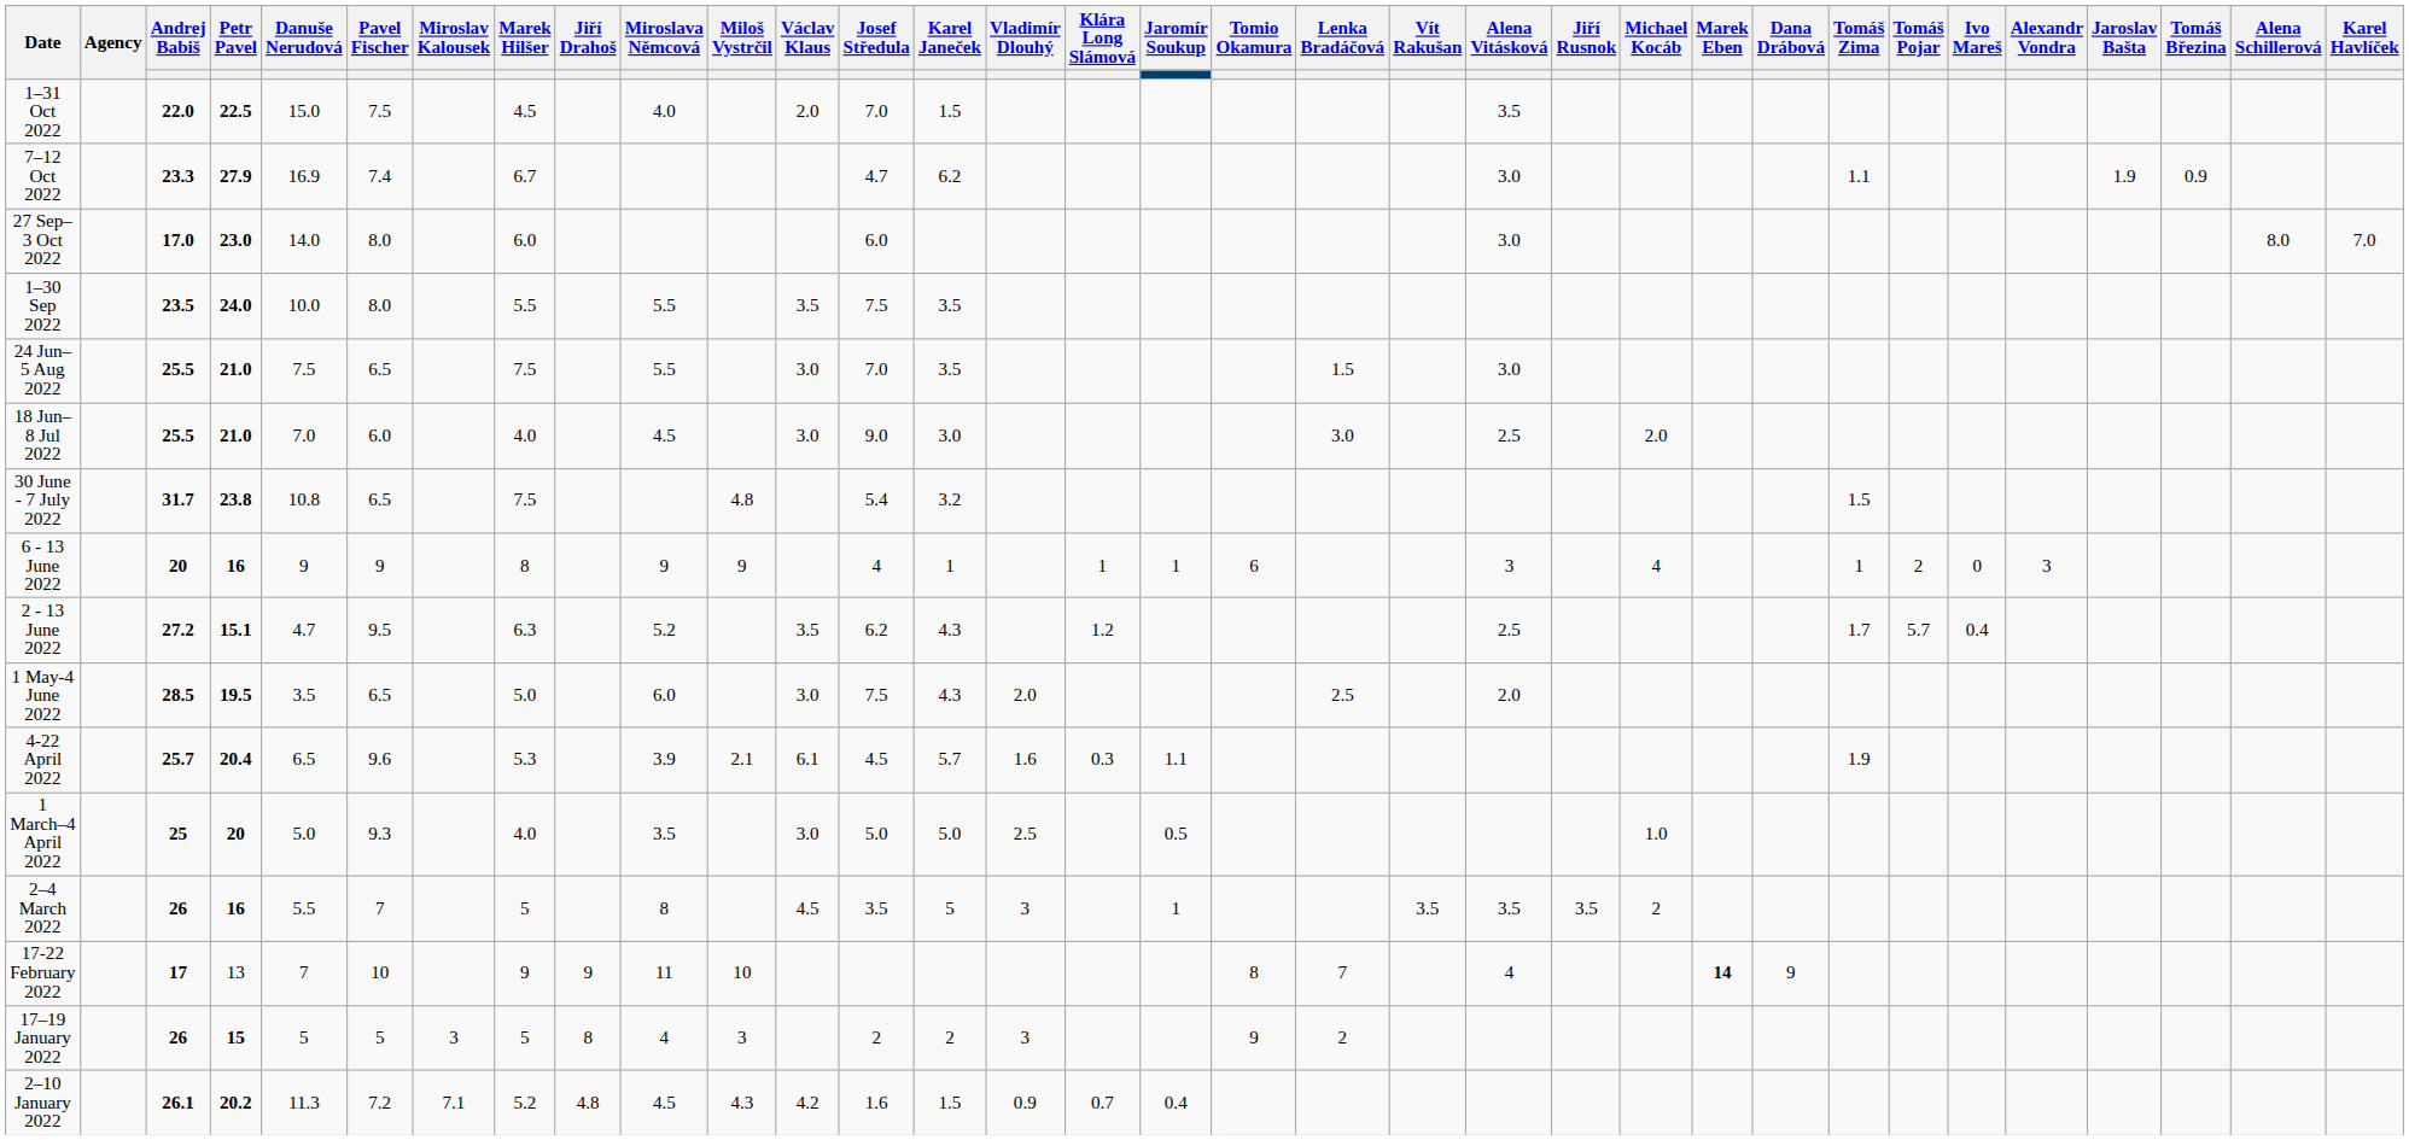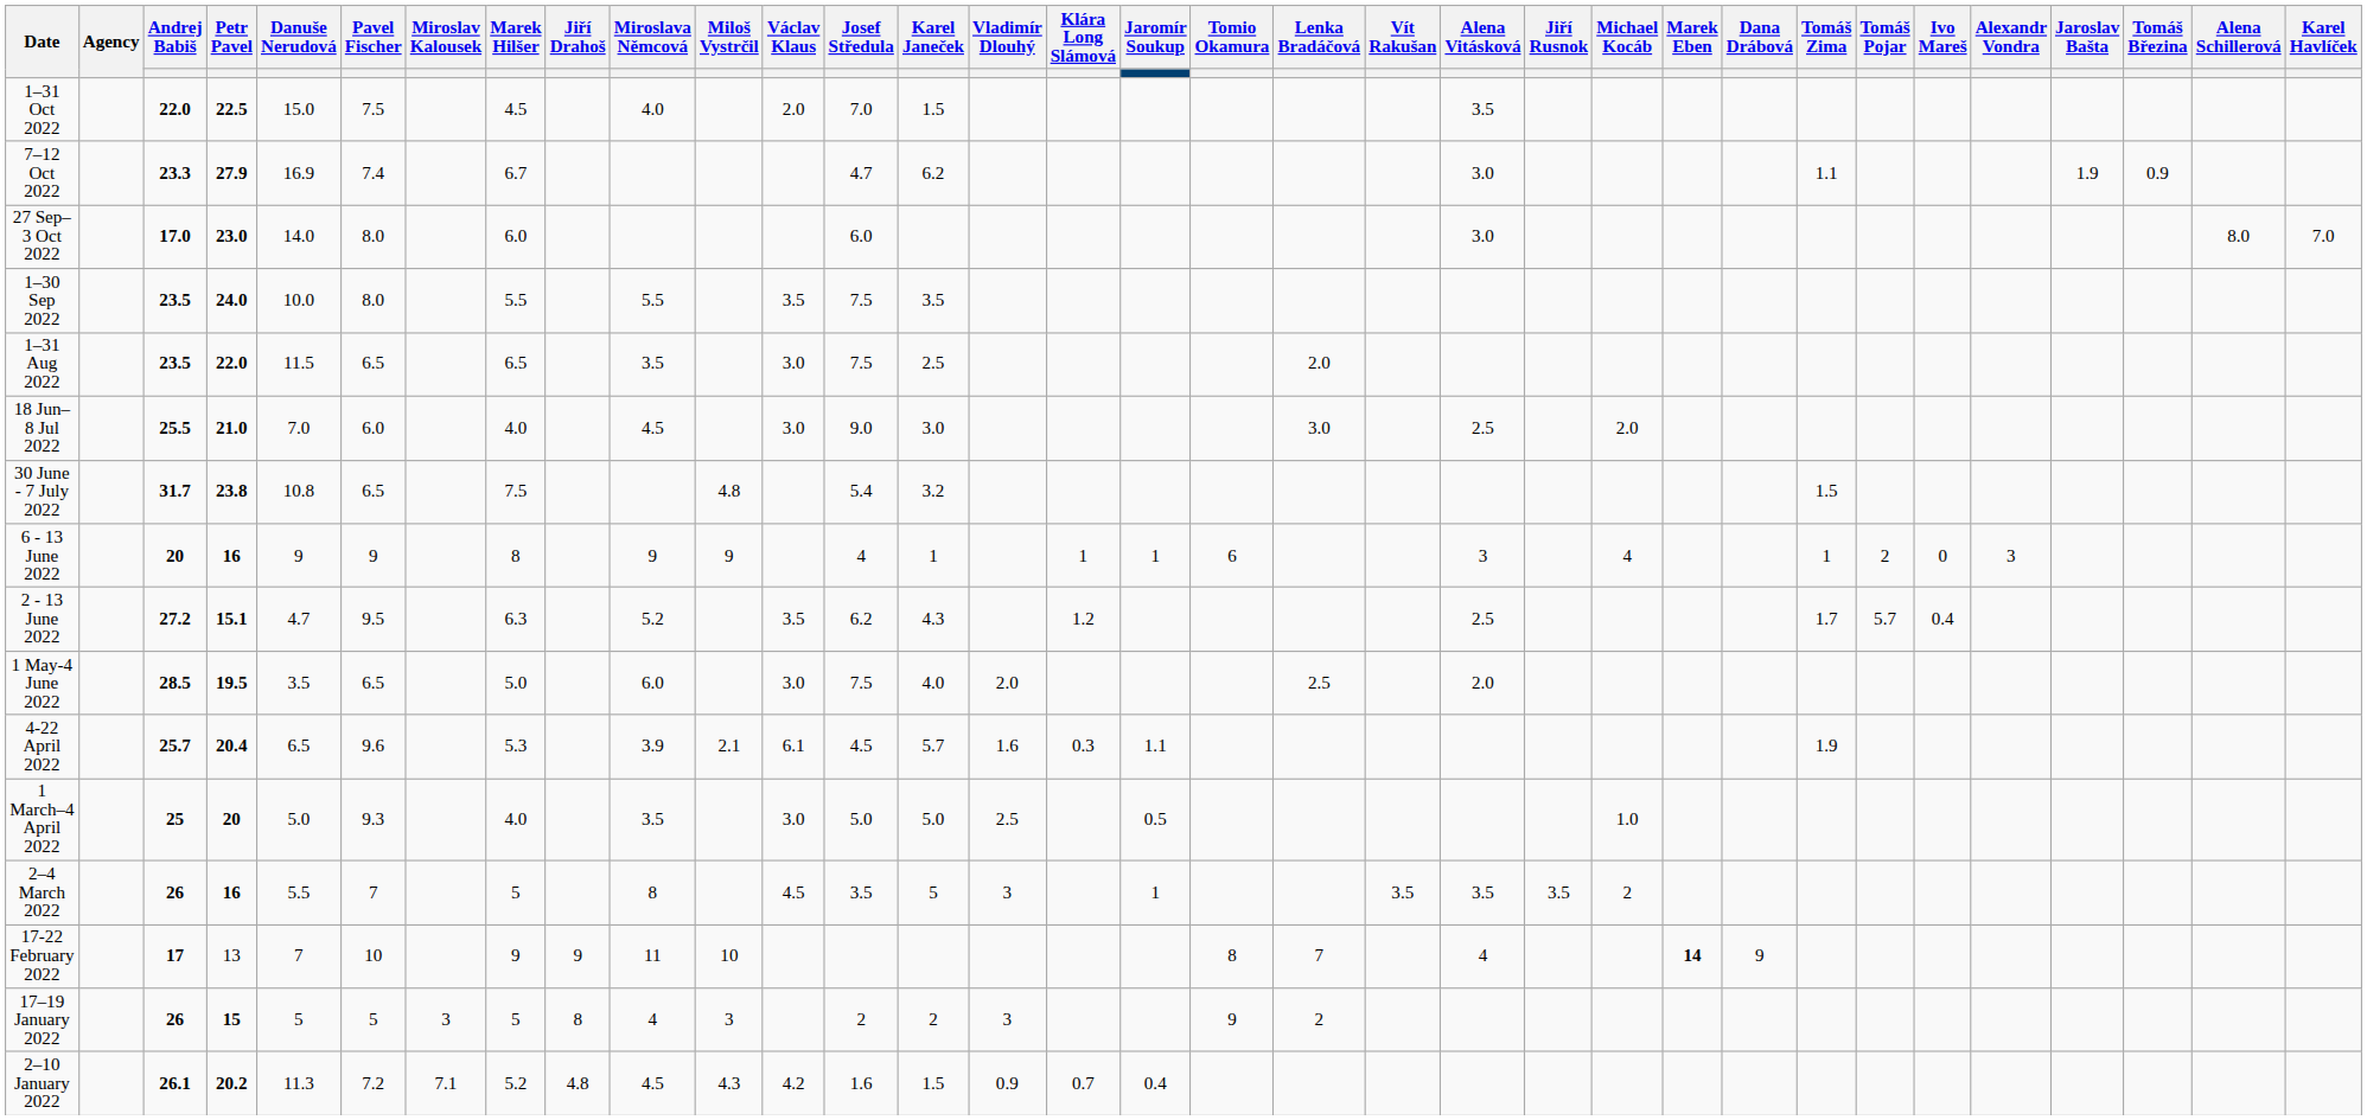 <table class="wikitable" style=text-align:center;font-size:85%;line-height:14px;">
 <tr>
 <th rowspan="2">Date</th>
 <th rowspan="2">Agency</th>
 <th><a href='#'>Andrej Babiš</a></th>
 <th><a href='#'>Petr Pavel</a></th>
 <th><a href='#'>Danuše Nerudová</a></th>
 <th><a href='#'>Pavel Fischer</a></th>
 <th><a href='#'>Miroslav Kalousek</a></th>
 <th><a href='#'>Marek Hilšer</a></th>
 <th><a href='#'>Jiří Drahoš</a></th>
 <th><a href='#'>Miroslava Němcová</a></th>
 <th><a href='#'>Miloš Vystrčil</a></th>
 <th><a href='#'>Václav Klaus</a></th>
 <th><a href='#'>Josef Středula</a></th>
 <th><a href='#'>Karel Janeček</a></th>
 <th><a href='#'>Vladimír Dlouhý</a></th>
 <th><a href='#'>Klára Long Slámová</a></th>
 <th><a href='#'>Jaromír Soukup</a></th>
 <th><a href='#'>Tomio Okamura</a></th>
 <th><a href='#'>Lenka Bradáčová</a></th>
 <th><a href='#'>Vít Rakušan</a></th>
 <th><a href='#'>Alena Vitásková</a></th>
 <th><a href='#'>Jiří Rusnok</a></th>
 <th><a href='#'>Michael Kocáb</a></th>
 <th><a href='#'>Marek Eben</a></th>
 <th><a href='#'>Dana Drábová</a></th>
 <th><a href='#'>Tomáš Zima</a></th>
 <th><a href='#'>Tomáš Pojar</a></th>
 <th><a href='#'>Ivo Mareš</a></th>
 <th><a href='#'>Alexandr Vondra</a></th>
 <th><a href='#'>Jaroslav Bašta</a></th>
 <th><a href='#'>Tomáš Březina</a></th>
 <th><a href='#'>Alena Schillerová</a></th>
 <th><a href='#'>Karel Havlíček</a></th>
 </tr>
 <tr>
 <th style="background:"></th>
 <th style="background:"></th>
 <th style="background:"></th>
 <th style="background:"></th>
 <th style="background:"></th>
 <th style="background:"></th>
 <th style="background:"></th>
 <th style="background:"></th>
 <th style="background:"></th>
 <th style="background:"></th>
 <th style="background:"></th>
 <th style="background:"></th>
 <th style="background:"></th>
 <th style="background:"></th>
 <th style="background:#004071; width:40px;"></th>
 <th style="background:"></th>
 <th style="background:"></th>
 <th style="background:"></th>
 <th style="background:"></th>
 <th style="background:"></th>
 <th style="background:"></th>
 <th style="background:"></th>
 <th style="background:"></th>
 <th style="background:"></th>
 <th style="background:"></th>
 <th style="background:"></th>
 <th style="background:"></th>
 <th style="background:"></th>
 <th style="background:"></th>
 <th style="background:"></th>
 <th style="background:"></th>
 </tr>
 <tr>
 <td>1–31 Oct 2022</td>
 <td></td>
 <td><strong>22.0</strong></td>
 <td><strong>22.5</strong></td>
 <td>15.0</td>
 <td>7.5</td>
 <td></td>
 <td>4.5</td>
 <td></td>
 <td>4.0</td>
 <td></td>
 <td>2.0</td>
 <td>7.0</td>
 <td>1.5</td>
 <td></td>
 <td></td>
 <td></td>
 <td></td>
 <td></td>
 <td></td>
 <td>3.5</td>
 <td></td>
 <td></td>
 <td></td>
 <td></td>
 <td></td>
 <td></td>
 <td></td>
 <td></td>
 <td></td>
 <td></td>
 <td></td>
 <td></td>
 </tr>
 <tr>
 <td>7–12 Oct 2022</td>
 <td></td>
 <td><strong>23.3</strong></td>
 <td><strong>27.9</strong></td>
 <td>16.9</td>
 <td>7.4</td>
 <td></td>
 <td>6.7</td>
 <td></td>
 <td></td>
 <td></td>
 <td></td>
 <td>4.7</td>
 <td>6.2</td>
 <td></td>
 <td></td>
 <td></td>
 <td></td>
 <td></td>
 <td></td>
 <td>3.0</td>
 <td></td>
 <td></td>
 <td></td>
 <td></td>
 <td>1.1</td>
 <td></td>
 <td></td>
 <td></td>
 <td>1.9</td>
 <td>0.9</td>
 <td></td>
 <td></td>
 </tr>
 <tr>
 <td>27 Sep–3 Oct 2022</td>
 <td></td>
 <td><strong>17.0</strong></td>
 <td><strong>23.0</strong></td>
 <td>14.0</td>
 <td>8.0</td>
 <td></td>
 <td>6.0</td>
 <td></td>
 <td></td>
 <td></td>
 <td></td>
 <td>6.0</td>
 <td></td>
 <td></td>
 <td></td>
 <td></td>
 <td></td>
 <td></td>
 <td></td>
 <td>3.0</td>
 <td></td>
 <td></td>
 <td></td>
 <td></td>
 <td></td>
 <td></td>
 <td></td>
 <td></td>
 <td></td>
 <td></td>
 <td>8.0</td>
 <td>7.0</td>
 </tr>
 <tr>
 <td>1–30 Sep 2022</td>
 <td></td>
 <td><strong>23.5</strong></td>
 <td><strong>24.0</strong></td>
 <td>10.0</td>
 <td>8.0</td>
 <td></td>
 <td>5.5</td>
 <td></td>
 <td>5.5</td>
 <td></td>
 <td>3.5</td>
 <td>7.5</td>
 <td>3.5</td>
 <td></td>
 <td></td>
 <td></td>
 <td></td>
 <td></td>
 <td></td>
 <td></td>
 <td></td>
 <td></td>
 <td></td>
 <td></td>
 <td></td>
 <td></td>
 <td></td>
 <td></td>
 <td></td>
 <td></td>
 <td></td>
 <td></td>
 </tr>
 <tr>
-<td>24 Jun–5 Aug 2022</td>
+<td>1–31 Aug 2022</td>
 <td></td>
-<td><strong>25.5</strong></td>
-<td><strong>21.0</strong></td>
-<td>7.5</td>
+<td><strong>23.5</strong></td>
+<td><strong>22.0</strong></td>
+<td>11.5</td>
 <td>6.5</td>
 <td></td>
-<td>7.5</td>
+<td>6.5</td>
 <td></td>
-<td>5.5</td>
+<td>3.5</td>
 <td></td>
 <td>3.0</td>
-<td>7.0</td>
-<td>3.5</td>
+<td>7.5</td>
+<td>2.5</td>
 <td></td>
 <td></td>
 <td></td>
 <td></td>
-<td>1.5</td>
+<td>2.0</td>
 <td></td>
-<td>3.0</td>
+<td></td>
 <td></td>
 <td></td>
 <td></td>
 <td></td>
 <td></td>
 <td></td>
 <td></td>
 <td></td>
 <td></td>
 <td></td>
 <td></td>
 <td></td>
 </tr>
 <tr>
 <td>18 Jun–8 Jul 2022</td>
 <td></td>
 <td><strong>25.5</strong></td>
 <td><strong>21.0</strong></td>
 <td>7.0</td>
 <td>6.0</td>
 <td></td>
 <td>4.0</td>
 <td></td>
 <td>4.5</td>
 <td></td>
 <td>3.0</td>
 <td>9.0</td>
 <td>3.0</td>
 <td></td>
 <td></td>
 <td></td>
 <td></td>
 <td>3.0</td>
 <td></td>
 <td>2.5</td>
 <td></td>
 <td>2.0</td>
 <td></td>
 <td></td>
 <td></td>
 <td></td>
 <td></td>
 <td></td>
 <td></td>
 <td></td>
 <td></td>
 <td></td>
 </tr>
 <tr>
 <td>30 June - 7 July 2022</td>
 <td></td>
 <td><strong>31.7</strong></td>
 <td><strong>23.8</strong></td>
 <td>10.8</td>
 <td>6.5</td>
 <td></td>
 <td>7.5</td>
 <td></td>
 <td></td>
 <td>4.8</td>
 <td></td>
 <td>5.4</td>
 <td>3.2</td>
 <td></td>
 <td></td>
 <td></td>
 <td></td>
 <td></td>
 <td></td>
 <td></td>
 <td></td>
 <td></td>
 <td></td>
 <td></td>
 <td>1.5</td>
 <td></td>
 <td></td>
 <td></td>
 <td></td>
 <td></td>
 <td></td>
 <td></td>
 </tr>
 <tr>
 <td>6 - 13 June 2022</td>
 <td></td>
 <td><strong>20</strong></td>
 <td><strong>16</strong></td>
 <td>9</td>
 <td>9</td>
 <td></td>
 <td>8</td>
 <td></td>
 <td>9</td>
 <td>9</td>
 <td></td>
 <td>4</td>
 <td>1</td>
 <td></td>
 <td>1</td>
 <td>1</td>
 <td>6</td>
 <td></td>
 <td></td>
 <td>3</td>
 <td></td>
 <td>4</td>
 <td></td>
 <td></td>
 <td>1</td>
 <td>2</td>
 <td>0</td>
 <td>3</td>
 <td></td>
 <td></td>
 <td></td>
 <td></td>
 </tr>
 <tr>
 <td>2 - 13 June 2022</td>
 <td></td>
 <td><strong>27.2</strong></td>
 <td><strong>15.1</strong></td>
 <td>4.7</td>
 <td>9.5</td>
 <td></td>
 <td>6.3</td>
 <td></td>
 <td>5.2</td>
 <td></td>
 <td>3.5</td>
 <td>6.2</td>
 <td>4.3</td>
 <td></td>
 <td>1.2</td>
 <td></td>
 <td></td>
 <td></td>
 <td></td>
 <td>2.5</td>
 <td></td>
 <td></td>
 <td></td>
 <td></td>
 <td>1.7</td>
 <td>5.7</td>
 <td>0.4</td>
 <td></td>
 <td></td>
 <td></td>
 <td></td>
 <td></td>
 </tr>
 <tr>
 <td>1 May-4 June 2022</td>
 <td></td>
 <td><strong>28.5</strong></td>
 <td><strong>19.5</strong></td>
 <td>3.5</td>
 <td>6.5</td>
 <td></td>
 <td>5.0</td>
 <td></td>
 <td>6.0</td>
 <td></td>
 <td>3.0</td>
 <td>7.5</td>
-<td>4.3</td>
+<td>4.0</td>
 <td>2.0</td>
 <td></td>
 <td></td>
 <td></td>
 <td>2.5</td>
 <td></td>
 <td>2.0</td>
 <td></td>
 <td></td>
 <td></td>
 <td></td>
 <td></td>
 <td></td>
 <td></td>
 <td></td>
 <td></td>
 <td></td>
 <td></td>
 <td></td>
 </tr>
 <tr>
 <td>4-22 April 2022</td>
 <td></td>
 <td><strong>25.7</strong></td>
 <td><strong>20.4</strong></td>
 <td>6.5</td>
 <td>9.6</td>
 <td></td>
 <td>5.3</td>
 <td></td>
 <td>3.9</td>
 <td>2.1</td>
 <td>6.1</td>
 <td>4.5</td>
 <td>5.7</td>
 <td>1.6</td>
 <td>0.3</td>
 <td>1.1</td>
 <td></td>
 <td></td>
 <td></td>
 <td></td>
 <td></td>
 <td></td>
 <td></td>
 <td></td>
 <td>1.9</td>
 <td></td>
 <td></td>
 <td></td>
 <td></td>
 <td></td>
 <td></td>
 <td></td>
 </tr>
 <tr>
 <td>1 March–4 April 2022</td>
 <td></td>
 <td><strong>25</strong></td>
 <td><strong>20</strong></td>
 <td>5.0</td>
 <td>9.3</td>
 <td></td>
 <td>4.0</td>
 <td></td>
 <td>3.5</td>
 <td></td>
 <td>3.0</td>
 <td>5.0</td>
 <td>5.0</td>
 <td>2.5</td>
 <td></td>
 <td>0.5</td>
 <td></td>
 <td></td>
 <td></td>
 <td></td>
 <td></td>
 <td>1.0</td>
 <td></td>
 <td></td>
 <td></td>
 <td></td>
 <td></td>
 <td></td>
 <td></td>
 <td></td>
 <td></td>
 <td></td>
 </tr>
 <tr>
 <td>2–4 March 2022</td>
 <td></td>
 <td><strong>26</strong></td>
 <td><strong>16</strong></td>
 <td>5.5</td>
 <td>7</td>
 <td></td>
 <td>5</td>
 <td></td>
 <td>8</td>
 <td></td>
 <td>4.5</td>
 <td>3.5</td>
 <td>5</td>
 <td>3</td>
 <td></td>
 <td>1</td>
 <td></td>
 <td></td>
 <td>3.5</td>
 <td>3.5</td>
 <td>3.5</td>
 <td>2</td>
 <td></td>
 <td></td>
 <td></td>
 <td></td>
 <td></td>
 <td></td>
 <td></td>
 <td></td>
 <td></td>
 <td></td>
 </tr>
 <tr>
 <td>17-22 February 2022</td>
 <td></td>
 <td><strong>17</strong></td>
 <td>13</td>
 <td>7</td>
 <td>10</td>
 <td></td>
 <td>9</td>
 <td>9</td>
 <td>11</td>
 <td>10</td>
 <td></td>
 <td></td>
 <td></td>
 <td></td>
 <td></td>
 <td></td>
 <td>8</td>
 <td>7</td>
 <td></td>
 <td>4</td>
 <td></td>
 <td></td>
 <td><strong>14</strong></td>
 <td>9</td>
 <td></td>
 <td></td>
 <td></td>
 <td></td>
 <td></td>
 <td></td>
 <td></td>
 <td></td>
 </tr>
 <tr>
 <td>17–19 January 2022</td>
 <td></td>
 <td><strong>26</strong></td>
 <td><strong>15</strong></td>
 <td>5</td>
 <td>5</td>
 <td>3</td>
 <td>5</td>
 <td>8</td>
 <td>4</td>
 <td>3</td>
 <td></td>
 <td>2</td>
 <td>2</td>
 <td>3</td>
 <td></td>
 <td></td>
 <td>9</td>
 <td>2</td>
 <td></td>
 <td></td>
 <td></td>
 <td></td>
 <td></td>
 <td></td>
 <td></td>
 <td></td>
 <td></td>
 <td></td>
 <td></td>
 <td></td>
 <td></td>
 <td></td>
 </tr>
 <tr>
 <td>2–10 January 2022</td>
 <td></td>
 <td><strong>26.1</strong></td>
 <td><strong>20.2</strong></td>
 <td>11.3</td>
 <td>7.2</td>
 <td>7.1</td>
 <td>5.2</td>
 <td>4.8</td>
 <td>4.5</td>
 <td>4.3</td>
 <td>4.2</td>
 <td>1.6</td>
 <td>1.5</td>
 <td>0.9</td>
 <td>0.7</td>
 <td>0.4</td>
 <td></td>
 <td></td>
 <td></td>
 <td></td>
 <td></td>
 <td></td>
 <td></td>
 <td></td>
 <td></td>
 <td></td>
 <td></td>
 <td></td>
 <td></td>
 <td></td>
 <td></td>
 <td></td>
 </tr>
 </table>
